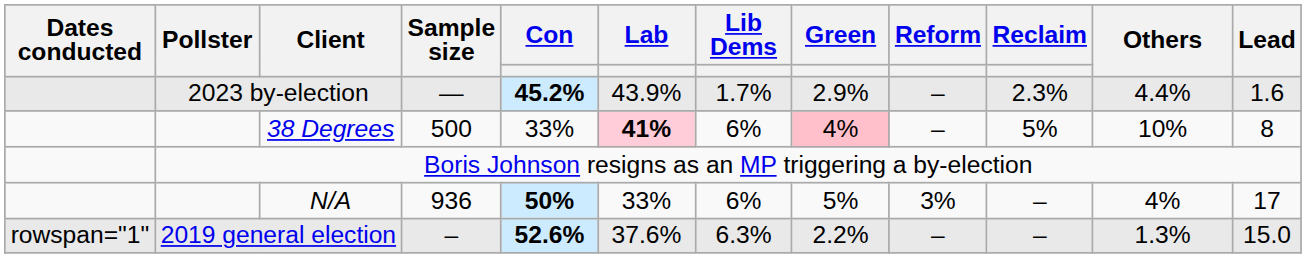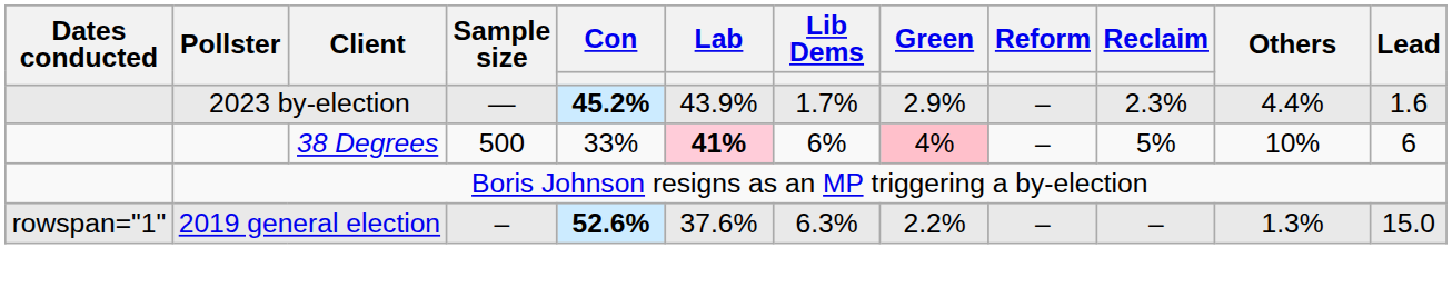 <table class="wikitable sortable tpl-blanktable" style="text-align:center;font-size:90%;line-height:14px;">
 <tr>
 <th rowspan="2">Dates<br>conducted</th>
 <th rowspan="2">Pollster</th>
 <th rowspan="2">Client</th>
 <th rowspan="2" data-sort-type="number">Sample<br>size</th>
 <th class="unsortable" style="width:50px;"><a href='#'>Con</a></th>
 <th class="unsortable" style="width:50px;"><a href='#'>Lab</a></th>
 <th class="unsortable" style="width:50px;"><a href='#'>Lib Dems</a></th>
 <th class="unsortable" style="width:50px;"><a href='#'>Green</a></th>
 <th class="unsortable" style="width:50px;"><a href='#'>Reform</a></th>
 <th class="unsortable" style="width:50px;"><a href='#'>Reclaim</a></th>
 <th rowspan="2" class="unsortable" style="width:75px;">Others</th>
 <th rowspan="2" data-sort-type="number">Lead</th>
 </tr>
 <tr>
 <th data-sort-type="number" style="background:"></th>
 <th data-sort-type="number" style="background:"></th>
 <th data-sort-type="number" style="background:"></th>
 <th data-sort-type="number" style="background:"></th>
 <th data-sort-type="number" style="background:"></th>
 <th data-sort-type="number" style="background:"></th>
 </tr>
 <tr style="background:#E9E9E9;">
 <td></td>
 <td colspan="2" rowspan="1">2023 by-election</td>
 <td>—</td>
 <td style="background:#CCEBFF;color:black"><strong>45.2%</strong></td>
 <td>43.9%</td>
 <td>1.7%</td>
 <td>2.9%</td>
 <td>–</td>
 <td>2.3%</td>
 <td>4.4%</td>
 <td style="background:">1.6</td>
 </tr>
 <tr>
 <td></td>
 <td></td>
 <td><em><a href='#'>38 Degrees</a></em></td>
 <td>500</td>
 <td>33%</td>
 <td style="background:#FFCCD9;color:black"><strong>41%</strong></td>
 <td>6%</td>
 <td style="background: pink;">4%</td>
 <td>–</td>
 <td>5%</td>
 <td>10%</td>
-<td style="background:">8</td>
+<td style="background:">6</td>
 </tr>
 <tr>
 <td></td>
 <td colspan="11"><a href='#'>Boris Johnson</a> resigns as an <a href='#'>MP</a> triggering a by-election</td>
-</tr>
-<tr>
-<td></td>
-<td></td>
-<td><em>N/A</em></td>
-<td>936</td>
-<td style="background:#CCEBFF;"><strong>50%</strong></td>
-<td>33%</td>
-<td>6%</td>
-<td>5%</td>
-<td>3%</td>
-<td>–</td>
-<td>4%</td>
-<td style="background:">17</td>
 </tr>
 <tr style="background:#E9E9E9;">
 <td>rowspan="1" </td>
 <td colspan="2" rowspan="1"><a href='#'>2019 general election</a></td>
 <td>–</td>
 <td style="background:#CCEBFF;"><strong>52.6%</strong></td>
 <td>37.6%</td>
 <td>6.3%</td>
 <td>2.2%</td>
 <td>–</td>
 <td>–</td>
 <td>1.3%</td>
 <td style="background:">15.0</td>
 </tr>
 </table>
